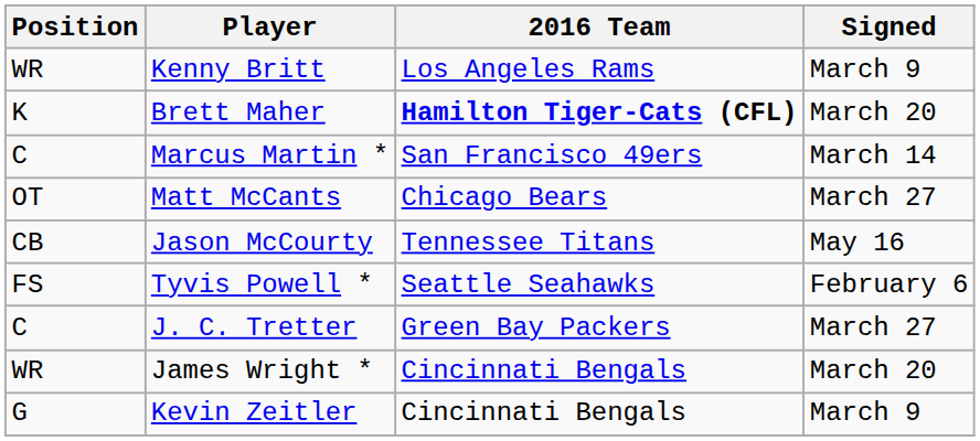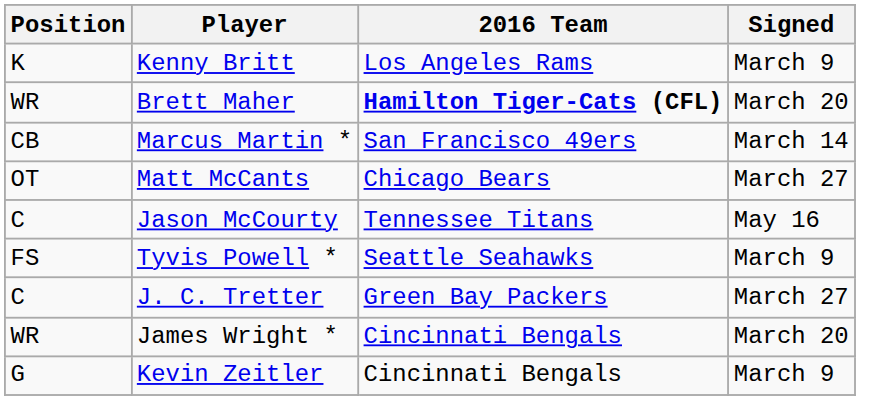 <table class="wikitable">
 <tr>
 <th>Position</th>
 <th>Player</th>
 <th>2016 Team</th>
 <th>Signed</th>
 </tr>
 <tr>
-<td>WR</td>
+<td>K</td>
 <td><a href='#'>Kenny Britt</a></td>
 <td><a href='#'>Los Angeles Rams</a></td>
 <td>March 9</td>
 </tr>
 <tr>
-<td>K</td>
+<td>WR</td>
 <td><a href='#'>Brett Maher</a></td>
 <td><strong><a href='#'>Hamilton Tiger-Cats</a> (CFL)</strong></td>
 <td>March 20</td>
 </tr>
 <tr>
-<td>C</td>
+<td>CB</td>
 <td><a href='#'>Marcus Martin</a> *</td>
 <td><a href='#'>San Francisco 49ers</a></td>
 <td>March 14</td>
 </tr>
 <tr>
 <td>OT</td>
 <td><a href='#'>Matt McCants</a></td>
 <td><a href='#'>Chicago Bears</a></td>
 <td>March 27</td>
 </tr>
 <tr>
-<td>CB</td>
+<td>C</td>
 <td><a href='#'>Jason McCourty</a></td>
 <td><a href='#'>Tennessee Titans</a></td>
 <td>May 16</td>
 </tr>
 <tr>
 <td>FS</td>
 <td><a href='#'>Tyvis Powell</a> *</td>
 <td><a href='#'>Seattle Seahawks</a></td>
-<td>February 6</td>
+<td>March 9</td>
 </tr>
 <tr>
 <td>C</td>
 <td><a href='#'>J. C. Tretter</a></td>
 <td><a href='#'>Green Bay Packers</a></td>
 <td>March 27</td>
 </tr>
 <tr>
 <td>WR</td>
 <td James Wright (wide receiver)>James Wright *</td>
 <td><a href='#'>Cincinnati Bengals</a></td>
 <td>March 20</td>
 </tr>
 <tr>
 <td>G</td>
 <td><a href='#'>Kevin Zeitler</a></td>
 <td>Cincinnati Bengals</td>
 <td>March 9</td>
 </tr>
 </table>
